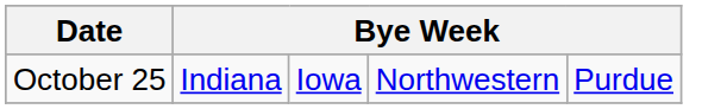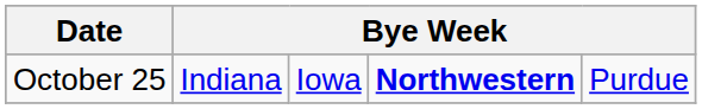 <table class="wikitable" style="font-size:95%;">
 <tr>
 <th>Date</th>
 <th colspan="4">Bye Week</th>
 </tr>
 <tr>
 <td>October 25</td>
 <td><a href='#'>Indiana</a></td>
 <td><a href='#'>Iowa</a></td>
-<td><a href='#'>Northwestern</a></td>
+<td><strong><a href='#'>Northwestern</a></strong></td>
 <td><a href='#'>Purdue</a></td>
 </tr>
 </table>
